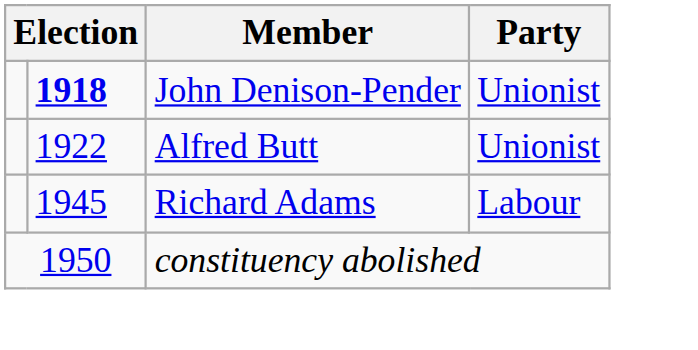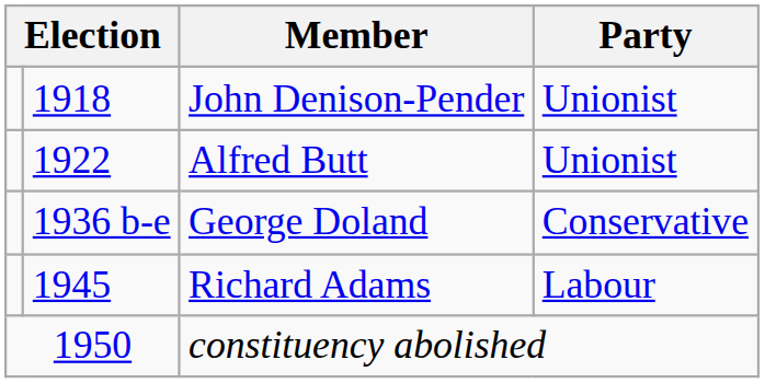 <table class="wikitable">
 <tr>
 <th colspan="2">Election</th>
 <th>Member</th>
 <th>Party</th>
 </tr>
 <tr>
 <td style="color:inherit;background-color: "></td>
-<td><strong><a href='#'>1918</a></strong></td>
+<td><a href='#'>1918</a></td>
 <td><a href='#'>John Denison-Pender</a></td>
 <td><a href='#'>Unionist</a></td>
 </tr>
 <tr>
 <td style="color:inherit;background-color: "></td>
 <td><a href='#'>1922</a></td>
 <td><a href='#'>Alfred Butt</a></td>
 <td><a href='#'>Unionist</a></td>
+</tr>
+<tr>
+<td style="color:inherit;background-color: "></td>
+<td><a href='#'>1936 b-e</a></td>
+<td><a href='#'>George Doland</a></td>
+<td><a href='#'>Conservative</a></td>
 </tr>
 <tr>
 <td style="color:inherit;background-color: "></td>
 <td><a href='#'>1945</a></td>
 <td><a href='#'>Richard Adams</a></td>
 <td><a href='#'>Labour</a></td>
 </tr>
 <tr>
 <td colspan="2" align="center"><a href='#'>1950</a></td>
 <td colspan="2"><em>constituency abolished</em></td>
 </tr>
 </table>
